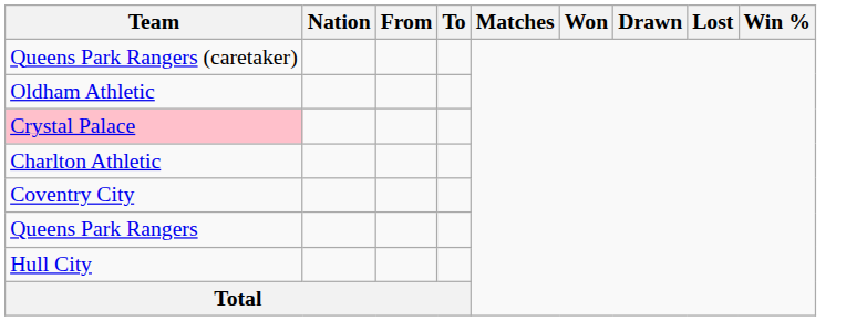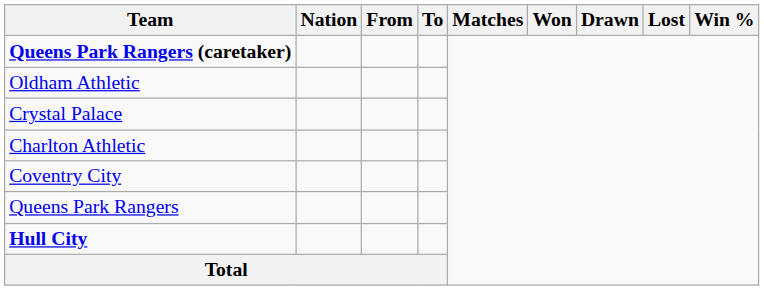 <table class="wikitable sortable" style="text-align: center">
 <tr>
 <th>Team</th>
 <th class="unsortable">Nation</th>
 <th>From</th>
 <th>To</th>
 <th>Matches</th>
 <th>Won</th>
 <th>Drawn</th>
 <th>Lost</th>
 <th>Win %</th>
 </tr>
 <tr>
-<td align=left><a href='#'>Queens Park Rangers</a> (caretaker)</td>
+<td align=left><strong><a href='#'>Queens Park Rangers</a> (caretaker)</strong></td>
 <td></td>
 <td align=left></td>
 <td align=left><br></td>
 </tr>
 <tr>
 <td align=left><a href='#'>Oldham Athletic</a></td>
 <td></td>
 <td align=left></td>
 <td align=left><br></td>
 </tr>
 <tr>
-<td align=left style="background: pink;"><a href='#'>Crystal Palace</a></td>
+<td align=left><a href='#'>Crystal Palace</a></td>
 <td></td>
 <td align=left></td>
 <td align=left><br></td>
 </tr>
 <tr>
 <td align=left><a href='#'>Charlton Athletic</a></td>
 <td></td>
 <td align=left></td>
 <td align=left><br></td>
 </tr>
 <tr>
 <td align=left><a href='#'>Coventry City</a></td>
 <td></td>
 <td align=left></td>
 <td align=left><br></td>
 </tr>
 <tr>
 <td align=left><a href='#'>Queens Park Rangers</a></td>
 <td></td>
 <td align=left></td>
 <td align=left><br></td>
 </tr>
 <tr>
-<td align=left><a href='#'>Hull City</a></td>
+<td align=left><strong><a href='#'>Hull City</a></strong></td>
 <td></td>
 <td align=left></td>
 <td align=left><br></td>
 </tr>
 <tr>
 <th colspan="4">Total<br></th>
 </tr>
 </table>
